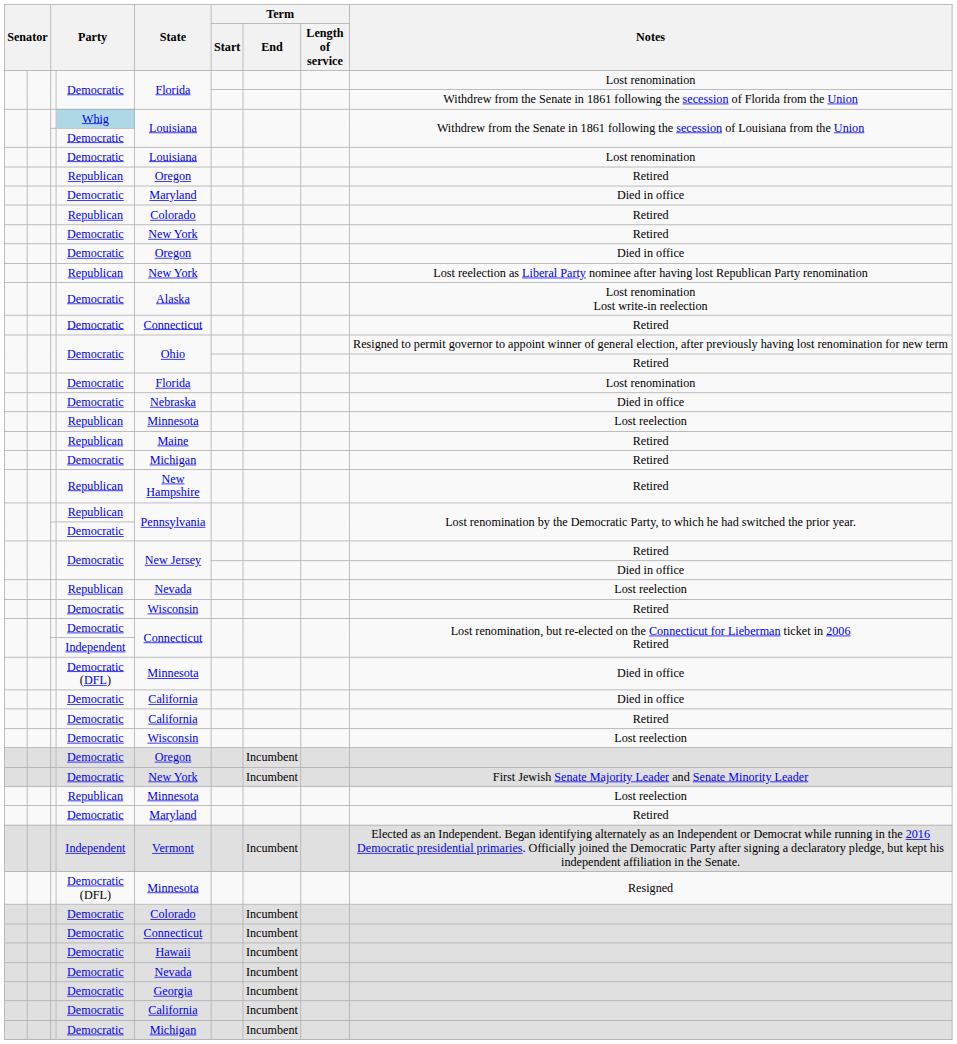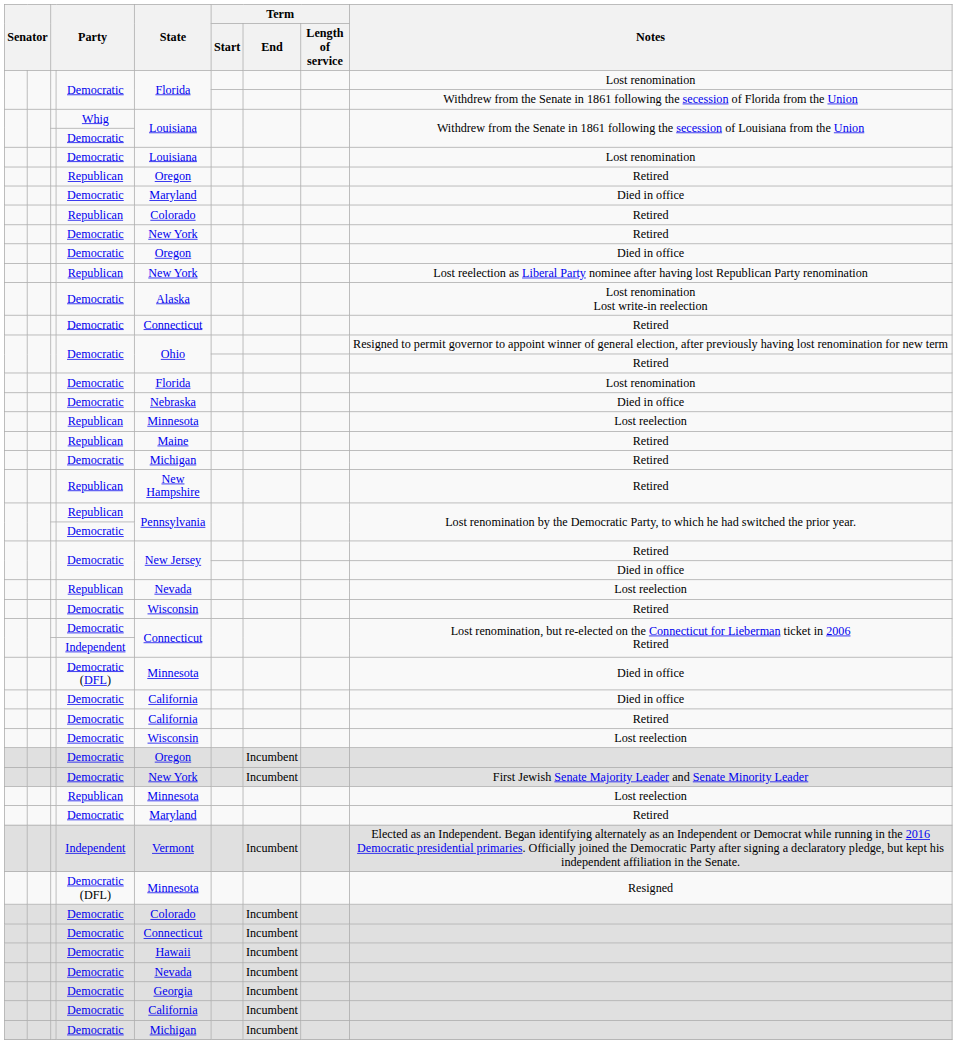 <table class="wikitable sortable" style="text-align:center">
 <tr>
 <th rowspan=2 colspan=2>Senator</th>
 <th rowspan=2 colspan=2>Party</th>
 <th rowspan=2>State</th>
 <th colspan=3>Term</th>
 <th rowspan=2>Notes</th>
 </tr>
 <tr>
 <th>Start</th>
 <th>End</th>
 <th>Length of<br>service</th>
 </tr>
 <tr>
 <td rowspan=2 data-sort-value="Yulee, David Levy"></td>
 <td rowspan=2><strong></strong><br></td>
 <td rowspan=2 style="background-color:"></td>
 <td rowspan=2><a href='#'>Democratic</a></td>
 <td rowspan=2><a href='#'>Florida</a></td>
 <td></td>
 <td></td>
 <td></td>
 <td>Lost renomination</td>
 </tr>
 <tr>
 <td></td>
 <td></td>
 <td></td>
 <td>Withdrew from the Senate in 1861 following the <a href='#'>secession</a> of Florida from the <a href='#'>Union</a></td>
 </tr>
 <tr>
 <td rowspan=2 data-sort-value="Benjamin, Judah P."></td>
 <td rowspan=2><strong></strong><br></td>
 <td style="background-color:"></td>
-<td style="background: lightblue;"><a href='#'>Whig</a><br></td>
+<td><a href='#'>Whig</a><br></td>
 <td rowspan=2><a href='#'>Louisiana</a></td>
 <td rowspan=2></td>
 <td rowspan=2></td>
 <td rowspan=2></td>
 <td rowspan=2>Withdrew from the Senate in 1861 following the <a href='#'>secession</a> of Louisiana from the <a href='#'>Union</a></td>
 </tr>
 <tr>
 <td style="background-color:"></td>
 <td><a href='#'>Democratic</a><br></td>
 </tr>
 <tr>
 <td data-sort-value="Jonas, Benjamin F."></td>
 <td><strong></strong><br></td>
 <td style="background-color:"></td>
 <td><a href='#'>Democratic</a></td>
 <td><a href='#'>Louisiana</a></td>
 <td></td>
 <td></td>
 <td></td>
 <td>Lost renomination</td>
 </tr>
 <tr>
 <td data-sort-value="Simon, Joseph"></td>
 <td><strong></strong><br></td>
 <td style="background-color:"></td>
 <td><a href='#'>Republican</a></td>
 <td><a href='#'>Oregon</a></td>
 <td></td>
 <td></td>
 <td></td>
 <td>Retired</td>
 </tr>
 <tr>
 <td data-sort-value="Rayner, Isidor"></td>
 <td><strong></strong><br></td>
 <td style="background-color:"></td>
 <td><a href='#'>Democratic</a></td>
 <td><a href='#'>Maryland</a></td>
 <td></td>
 <td></td>
 <td></td>
 <td>Died in office</td>
 </tr>
 <tr>
 <td data-sort-value="Guggenheim, Simon"></td>
 <td><strong></strong><br></td>
 <td style="background-color:"></td>
 <td><a href='#'>Republican</a></td>
 <td><a href='#'>Colorado</a></td>
 <td></td>
 <td></td>
 <td></td>
 <td>Retired</td>
 </tr>
 <tr>
 <td data-sort-value="Lehman, Herbert H."></td>
 <td><strong></strong><br></td>
 <td style="background-color:"></td>
 <td><a href='#'>Democratic</a></td>
 <td><a href='#'>New York</a></td>
 <td></td>
 <td></td>
 <td></td>
 <td>Retired</td>
 </tr>
 <tr>
 <td data-sort-value="Neuberger, Richard L."></td>
 <td><strong></strong><br></td>
 <td style="background-color:"></td>
 <td><a href='#'>Democratic</a></td>
 <td><a href='#'>Oregon</a></td>
 <td></td>
 <td></td>
 <td></td>
 <td>Died in office</td>
 </tr>
 <tr>
 <td data-sort-value="Javits, Jacob K."></td>
 <td><strong></strong><br></td>
 <td style="background-color:"></td>
 <td><a href='#'>Republican</a></td>
 <td><a href='#'>New York</a></td>
 <td></td>
 <td></td>
 <td></td>
 <td>Lost reelection as <a href='#'>Liberal Party</a> nominee after having lost Republican Party renomination</td>
 </tr>
 <tr>
 <td data-sort-value="Gruening, Ernest"></td>
 <td><strong></strong><br></td>
 <td style="background-color:"></td>
 <td><a href='#'>Democratic</a></td>
 <td><a href='#'>Alaska</a></td>
 <td></td>
 <td></td>
 <td></td>
 <td>Lost renomination<br>Lost write-in reelection</td>
 </tr>
 <tr>
 <td data-sort-value="Ribicoff, Abraham A."></td>
 <td><strong></strong><br></td>
 <td style="background-color:"></td>
 <td><a href='#'>Democratic</a></td>
 <td><a href='#'>Connecticut</a></td>
 <td></td>
 <td></td>
 <td></td>
 <td>Retired</td>
 </tr>
 <tr>
 <td rowspan=2 data-sort-value="Metzenbaum, Howard"></td>
 <td rowspan=2><strong></strong><br></td>
 <td rowspan=2 style="background-color:"></td>
 <td rowspan=2><a href='#'>Democratic</a></td>
 <td rowspan=2><a href='#'>Ohio</a></td>
 <td></td>
 <td></td>
 <td></td>
 <td>Resigned to permit governor to appoint winner of general election, after previously having lost renomination for new term</td>
 </tr>
 <tr>
 <td></td>
 <td></td>
 <td></td>
 <td>Retired</td>
 </tr>
 <tr>
 <td data-sort-value="Stone, Richard"></td>
 <td><strong></strong><br></td>
 <td style="background-color:"></td>
 <td><a href='#'>Democratic</a></td>
 <td><a href='#'>Florida</a></td>
 <td></td>
 <td></td>
 <td></td>
 <td>Lost renomination</td>
 </tr>
 <tr>
 <td data-sort-value="Zorinsky, Edward"></td>
 <td><strong></strong><br></td>
 <td style="background-color:"></td>
 <td><a href='#'>Democratic</a></td>
 <td><a href='#'>Nebraska</a></td>
 <td></td>
 <td></td>
 <td></td>
 <td>Died in office </td>
 </tr>
 <tr>
 <td data-sort-value="Boschwitz, Rudy"></td>
 <td><strong></strong><br></td>
 <td style="background-color:"></td>
 <td><a href='#'>Republican</a></td>
 <td><a href='#'>Minnesota</a></td>
 <td></td>
 <td></td>
 <td></td>
 <td>Lost reelection</td>
 </tr>
 <tr>
 <td data-sort-value="Cohen, William"></td>
 <td><strong></strong><br></td>
 <td style="background-color:"></td>
 <td><a href='#'>Republican</a></td>
 <td><a href='#'>Maine</a></td>
 <td></td>
 <td></td>
 <td></td>
 <td>Retired</td>
 </tr>
 <tr>
 <td data-sort-value="Levin, Carl"></td>
 <td><strong></strong><br></td>
 <td style="background-color:"></td>
 <td><a href='#'>Democratic</a></td>
 <td><a href='#'>Michigan</a></td>
 <td></td>
 <td></td>
 <td></td>
 <td>Retired</td>
 </tr>
 <tr>
 <td data-sort-value="Rudman, Warren"></td>
 <td><strong></strong><br></td>
 <td style="background-color:"></td>
 <td><a href='#'>Republican</a></td>
 <td><a href='#'>New Hampshire</a></td>
 <td></td>
 <td></td>
 <td></td>
 <td>Retired</td>
 </tr>
 <tr>
 <td rowspan=2 data-sort-value="Specter, Arlen"></td>
 <td rowspan=2><strong></strong><br></td>
 <td style="background-color:"></td>
 <td><a href='#'>Republican</a><br></td>
 <td rowspan=2><a href='#'>Pennsylvania</a></td>
 <td rowspan=2></td>
 <td rowspan=2></td>
 <td rowspan=2></td>
 <td rowspan=2>Lost renomination by the Democratic Party, to which he had switched the prior year.</td>
 </tr>
 <tr>
 <td style="background-color:"></td>
 <td><a href='#'>Democratic</a><br></td>
 </tr>
 <tr>
 <td rowspan=2 data-sort-value="Lautenberg, Frank"></td>
 <td rowspan=2><strong></strong><br></td>
 <td rowspan=2 style="background-color:"></td>
 <td rowspan=2><a href='#'>Democratic</a></td>
 <td rowspan=2><a href='#'>New Jersey</a></td>
 <td></td>
 <td></td>
 <td></td>
 <td>Retired</td>
 </tr>
 <tr>
 <td></td>
 <td></td>
 <td></td>
 <td>Died in office</td>
 </tr>
 <tr>
 <td data-sort-value="Hecht, Chic"></td>
 <td><strong></strong><br></td>
 <td style="background-color:"></td>
 <td><a href='#'>Republican</a></td>
 <td><a href='#'>Nevada</a></td>
 <td></td>
 <td></td>
 <td></td>
 <td>Lost reelection</td>
 </tr>
 <tr>
 <td data-sort-value="Kohl, Herb"></td>
 <td><strong></strong><br></td>
 <td style="background-color:"></td>
 <td><a href='#'>Democratic</a></td>
 <td><a href='#'>Wisconsin</a></td>
 <td></td>
 <td></td>
 <td></td>
 <td>Retired</td>
 </tr>
 <tr>
 <td rowspan=2 data-sort-value="Lieberman, Joe"></td>
 <td rowspan=2><strong></strong><br></td>
 <td style="background-color:"></td>
 <td><a href='#'>Democratic</a><br></td>
 <td rowspan=2><a href='#'>Connecticut</a></td>
 <td rowspan=2></td>
 <td rowspan=2></td>
 <td rowspan=2></td>
 <td rowspan=2>Lost renomination, but re-elected on the <a href='#'>Connecticut for Lieberman</a> ticket in <a href='#'>2006</a><br>Retired</td>
 </tr>
 <tr>
 <td style="background-color:"></td>
 <td><a href='#'>Independent</a><br></td>
 </tr>
 <tr>
 <td data-sort-value="Wellstone, Paul"></td>
 <td><strong></strong><br></td>
 <td style="background-color:"></td>
 <td><a href='#'>Democratic</a> (<a href='#'>DFL</a>)</td>
 <td><a href='#'>Minnesota</a></td>
 <td></td>
 <td></td>
 <td></td>
 <td>Died in office</td>
 </tr>
 <tr>
 <td data-sort-value="Feinstein, Dianne"></td>
 <td><strong></strong><br></td>
 <td style="background-color:"></td>
 <td><a href='#'>Democratic</a></td>
 <td><a href='#'>California</a></td>
 <td></td>
 <td></td>
 <td></td>
 <td>Died in office</td>
 </tr>
 <tr>
 <td data-sort-value="Boxer, Barbara"></td>
 <td><strong></strong><br></td>
 <td style="background-color:"></td>
 <td><a href='#'>Democratic</a></td>
 <td><a href='#'>California</a></td>
 <td></td>
 <td></td>
 <td></td>
 <td>Retired</td>
 </tr>
 <tr>
 <td data-sort-value="Feingold, Russ"></td>
 <td><strong></strong><br></td>
 <td style="background-color:"></td>
 <td><a href='#'>Democratic</a></td>
 <td><a href='#'>Wisconsin</a></td>
 <td></td>
 <td></td>
 <td></td>
 <td>Lost reelection</td>
 </tr>
 <tr style="background:#e0e0e0">
 <td data-sort-value="Wyden, Ron"></td>
 <td><strong></strong><br></td>
 <td style="background-color:"></td>
 <td><a href='#'>Democratic</a></td>
 <td><a href='#'>Oregon</a></td>
 <td></td>
 <td>Incumbent</td>
 <td></td>
 <td></td>
 </tr>
 <tr style="background:#e0e0e0">
 <td data-sort-value="Schumer, Chuck"></td>
 <td><strong></strong><br></td>
 <td style="background-color:"></td>
 <td><a href='#'>Democratic</a></td>
 <td><a href='#'>New York</a></td>
 <td></td>
 <td>Incumbent</td>
 <td></td>
 <td>First Jewish <a href='#'>Senate Majority Leader</a> and <a href='#'>Senate Minority Leader</a></td>
 </tr>
 <tr>
 <td data-sort-value="Coleman, Norm"></td>
 <td><strong></strong><br></td>
 <td style="background-color:"></td>
 <td><a href='#'>Republican</a></td>
 <td><a href='#'>Minnesota</a></td>
 <td></td>
 <td></td>
 <td></td>
 <td>Lost reelection</td>
 </tr>
 <tr>
 <td data-sort-value="Cardin, Ben"></td>
 <td><strong></strong><br></td>
 <td style="background-color:"></td>
 <td><a href='#'>Democratic</a></td>
 <td><a href='#'>Maryland</a></td>
 <td></td>
 <td></td>
 <td></td>
 <td>Retired</td>
 </tr>
 <tr style="background:#e0e0e0">
 <td data-sort-value="Sanders, Bernie"></td>
 <td><strong></strong><br></td>
 <td style="background-color:"></td>
 <td><a href='#'>Independent</a></td>
 <td><a href='#'>Vermont</a></td>
 <td></td>
 <td>Incumbent</td>
 <td></td>
 <td>Elected as an Independent. Began identifying alternately as an Independent or Democrat while running in the <a href='#'>2016 Democratic presidential primaries</a>. Officially joined the Democratic Party after signing a declaratory pledge, but kept his independent affiliation in the Senate.</td>
 </tr>
 <tr>
 <td data-sort-value="Franken, Al"></td>
 <td><strong></strong><br></td>
 <td style="background-color:"></td>
 <td><a href='#'>Democratic</a> (DFL)</td>
 <td><a href='#'>Minnesota</a></td>
 <td></td>
 <td></td>
 <td></td>
 <td>Resigned</td>
 </tr>
 <tr style="background:#e0e0e0">
 <td data-sort-value="Bennet, Michael"></td>
 <td><strong></strong><br></td>
 <td style="background-color:"></td>
 <td><a href='#'>Democratic</a></td>
 <td><a href='#'>Colorado</a></td>
 <td></td>
 <td>Incumbent</td>
 <td></td>
 <td></td>
 </tr>
 <tr style="background:#e0e0e0">
 <td data-sort-value="Blumenthal, Richard"></td>
 <td><strong></strong><br></td>
 <td style="background-color:"></td>
 <td><a href='#'>Democratic</a></td>
 <td><a href='#'>Connecticut</a></td>
 <td></td>
 <td>Incumbent</td>
 <td></td>
 <td></td>
 </tr>
 <tr style="background:#e0e0e0">
 <td data-sort-value="Schatz, Brian"></td>
 <td><strong></strong><br></td>
 <td style="background-color:"></td>
 <td><a href='#'>Democratic</a></td>
 <td><a href='#'>Hawaii</a></td>
 <td></td>
 <td>Incumbent</td>
 <td></td>
 <td></td>
 </tr>
 <tr style="background:#e0e0e0">
 <td data-sort-value="Rosen, Jacky"></td>
 <td><strong></strong><br></td>
 <td style="background-color:"></td>
 <td><a href='#'>Democratic</a></td>
 <td><a href='#'>Nevada</a></td>
 <td></td>
 <td>Incumbent</td>
 <td></td>
 <td></td>
 </tr>
 <tr style="background:#e0e0e0">
 <td data-sort-value="Ossoff, Jon"></td>
 <td><strong></strong><br></td>
 <td style="background-color:"></td>
 <td><a href='#'>Democratic</a></td>
 <td><a href='#'>Georgia</a></td>
 <td></td>
 <td>Incumbent</td>
 <td></td>
 <td></td>
 </tr>
 <tr style="background:#e0e0e0">
 <td data-sort-value="Schiff, Adam"></td>
 <td><strong></strong><br></td>
 <td style="background-color:"></td>
 <td><a href='#'>Democratic</a></td>
 <td><a href='#'>California</a></td>
 <td></td>
 <td>Incumbent</td>
 <td></td>
 <td></td>
 </tr>
 <tr style="background:#e0e0e0">
 <td></td>
 <td><strong></strong><br></td>
 <td style="background-color:"></td>
 <td><a href='#'>Democratic</a></td>
 <td><a href='#'>Michigan</a></td>
 <td></td>
 <td>Incumbent</td>
 <td></td>
 <td><em></em></td>
 </tr>
 </table>
